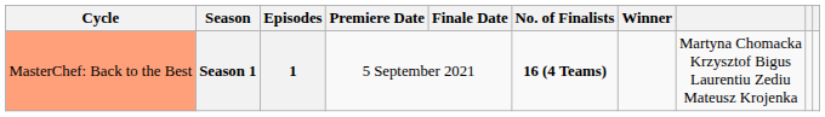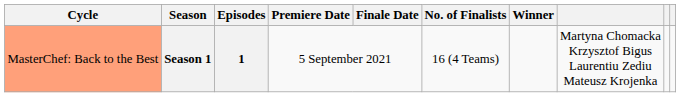 <table class="wikitable" style="text-align:center; font-size:95%;">
 <tr>
 <th>Cycle</th>
 <th>Season</th>
 <th>Episodes</th>
 <th>Premiere Date</th>
 <th>Finale Date</th>
 <th>No. of Finalists</th>
 <th>Winner</th>
 <th></th>
 <th></th>
 <th></th>
 </tr>
 <tr>
 <td rowspan="1" style="background: lightsalmon;">MasterChef: Back to the Best</td>
 <th>Season 1</th>
 <th rowspan="1">1</th>
 <td colspan="2">5 September 2021</td>
-<td rowspan="1"><strong>16 (4 Teams)</strong></td>
+<td rowspan="1">16 (4 Teams)</td>
 <td></td>
 <td>Martyna Chomacka <br> Krzysztof Bigus <br> Laurentiu Zediu <br> Mateusz Krojenka</td>
 <td rowspan="1"></td>
 <td rowspan="1"></td>
 </tr>
 </table>
